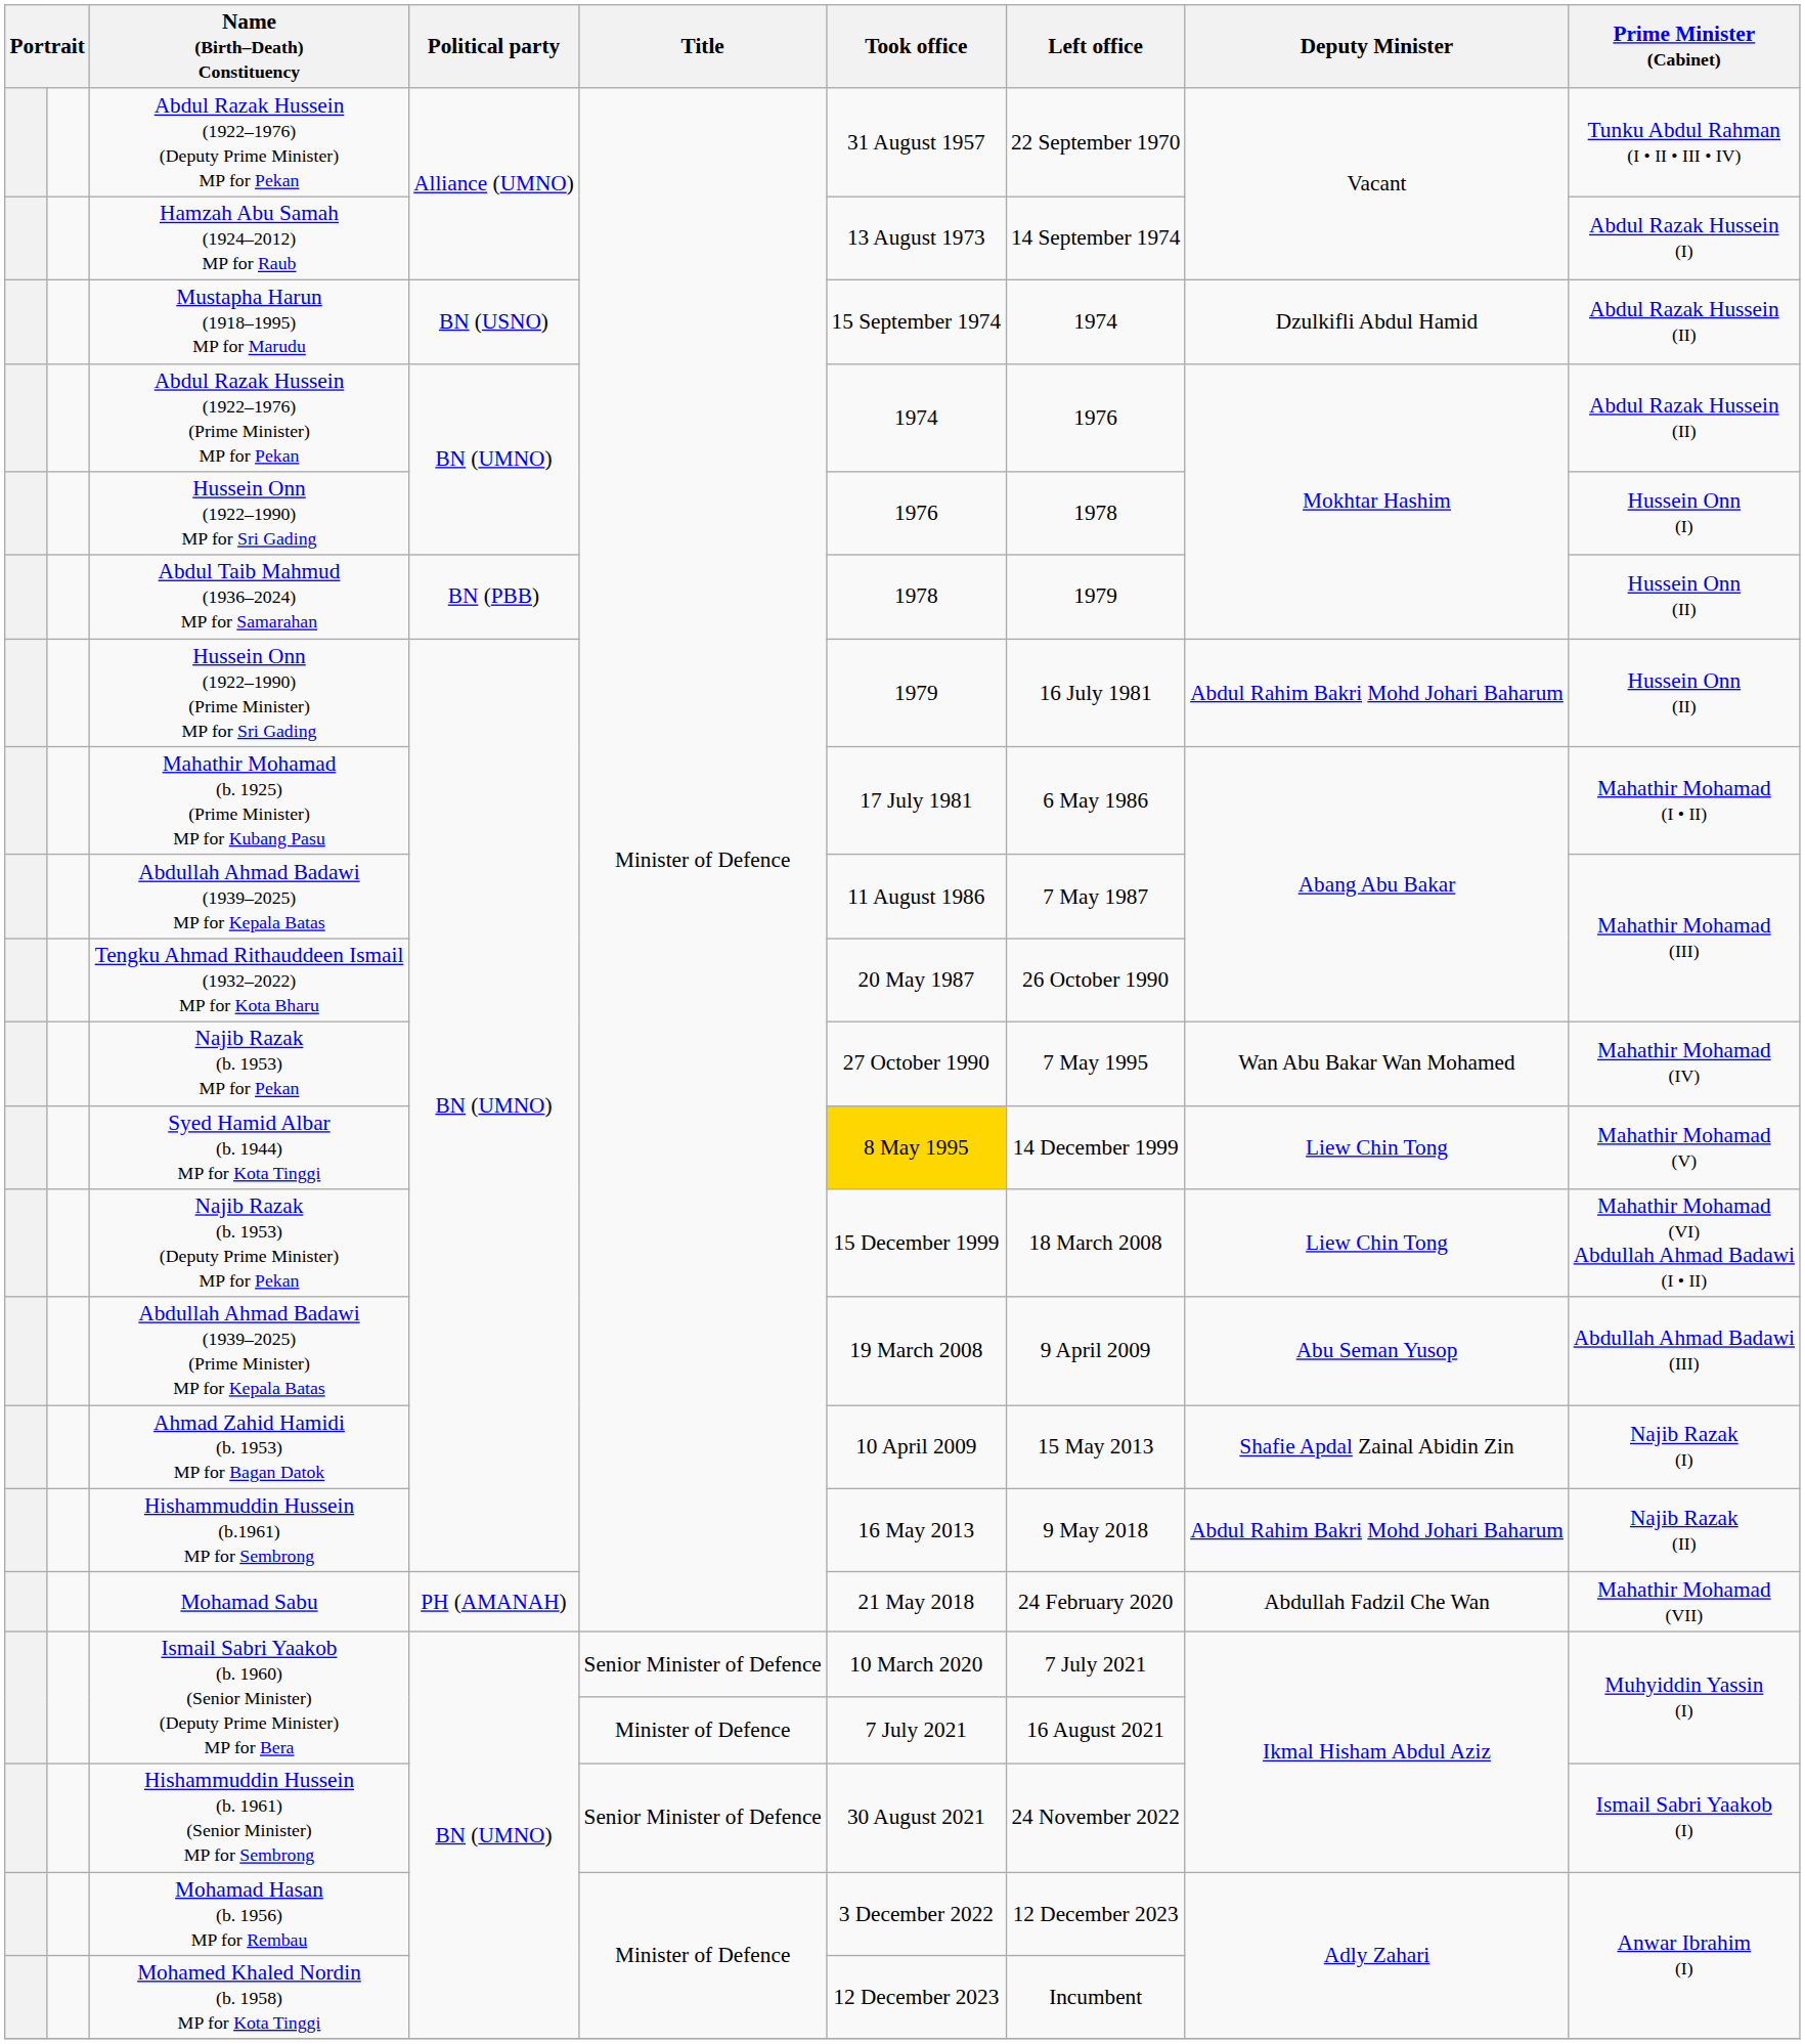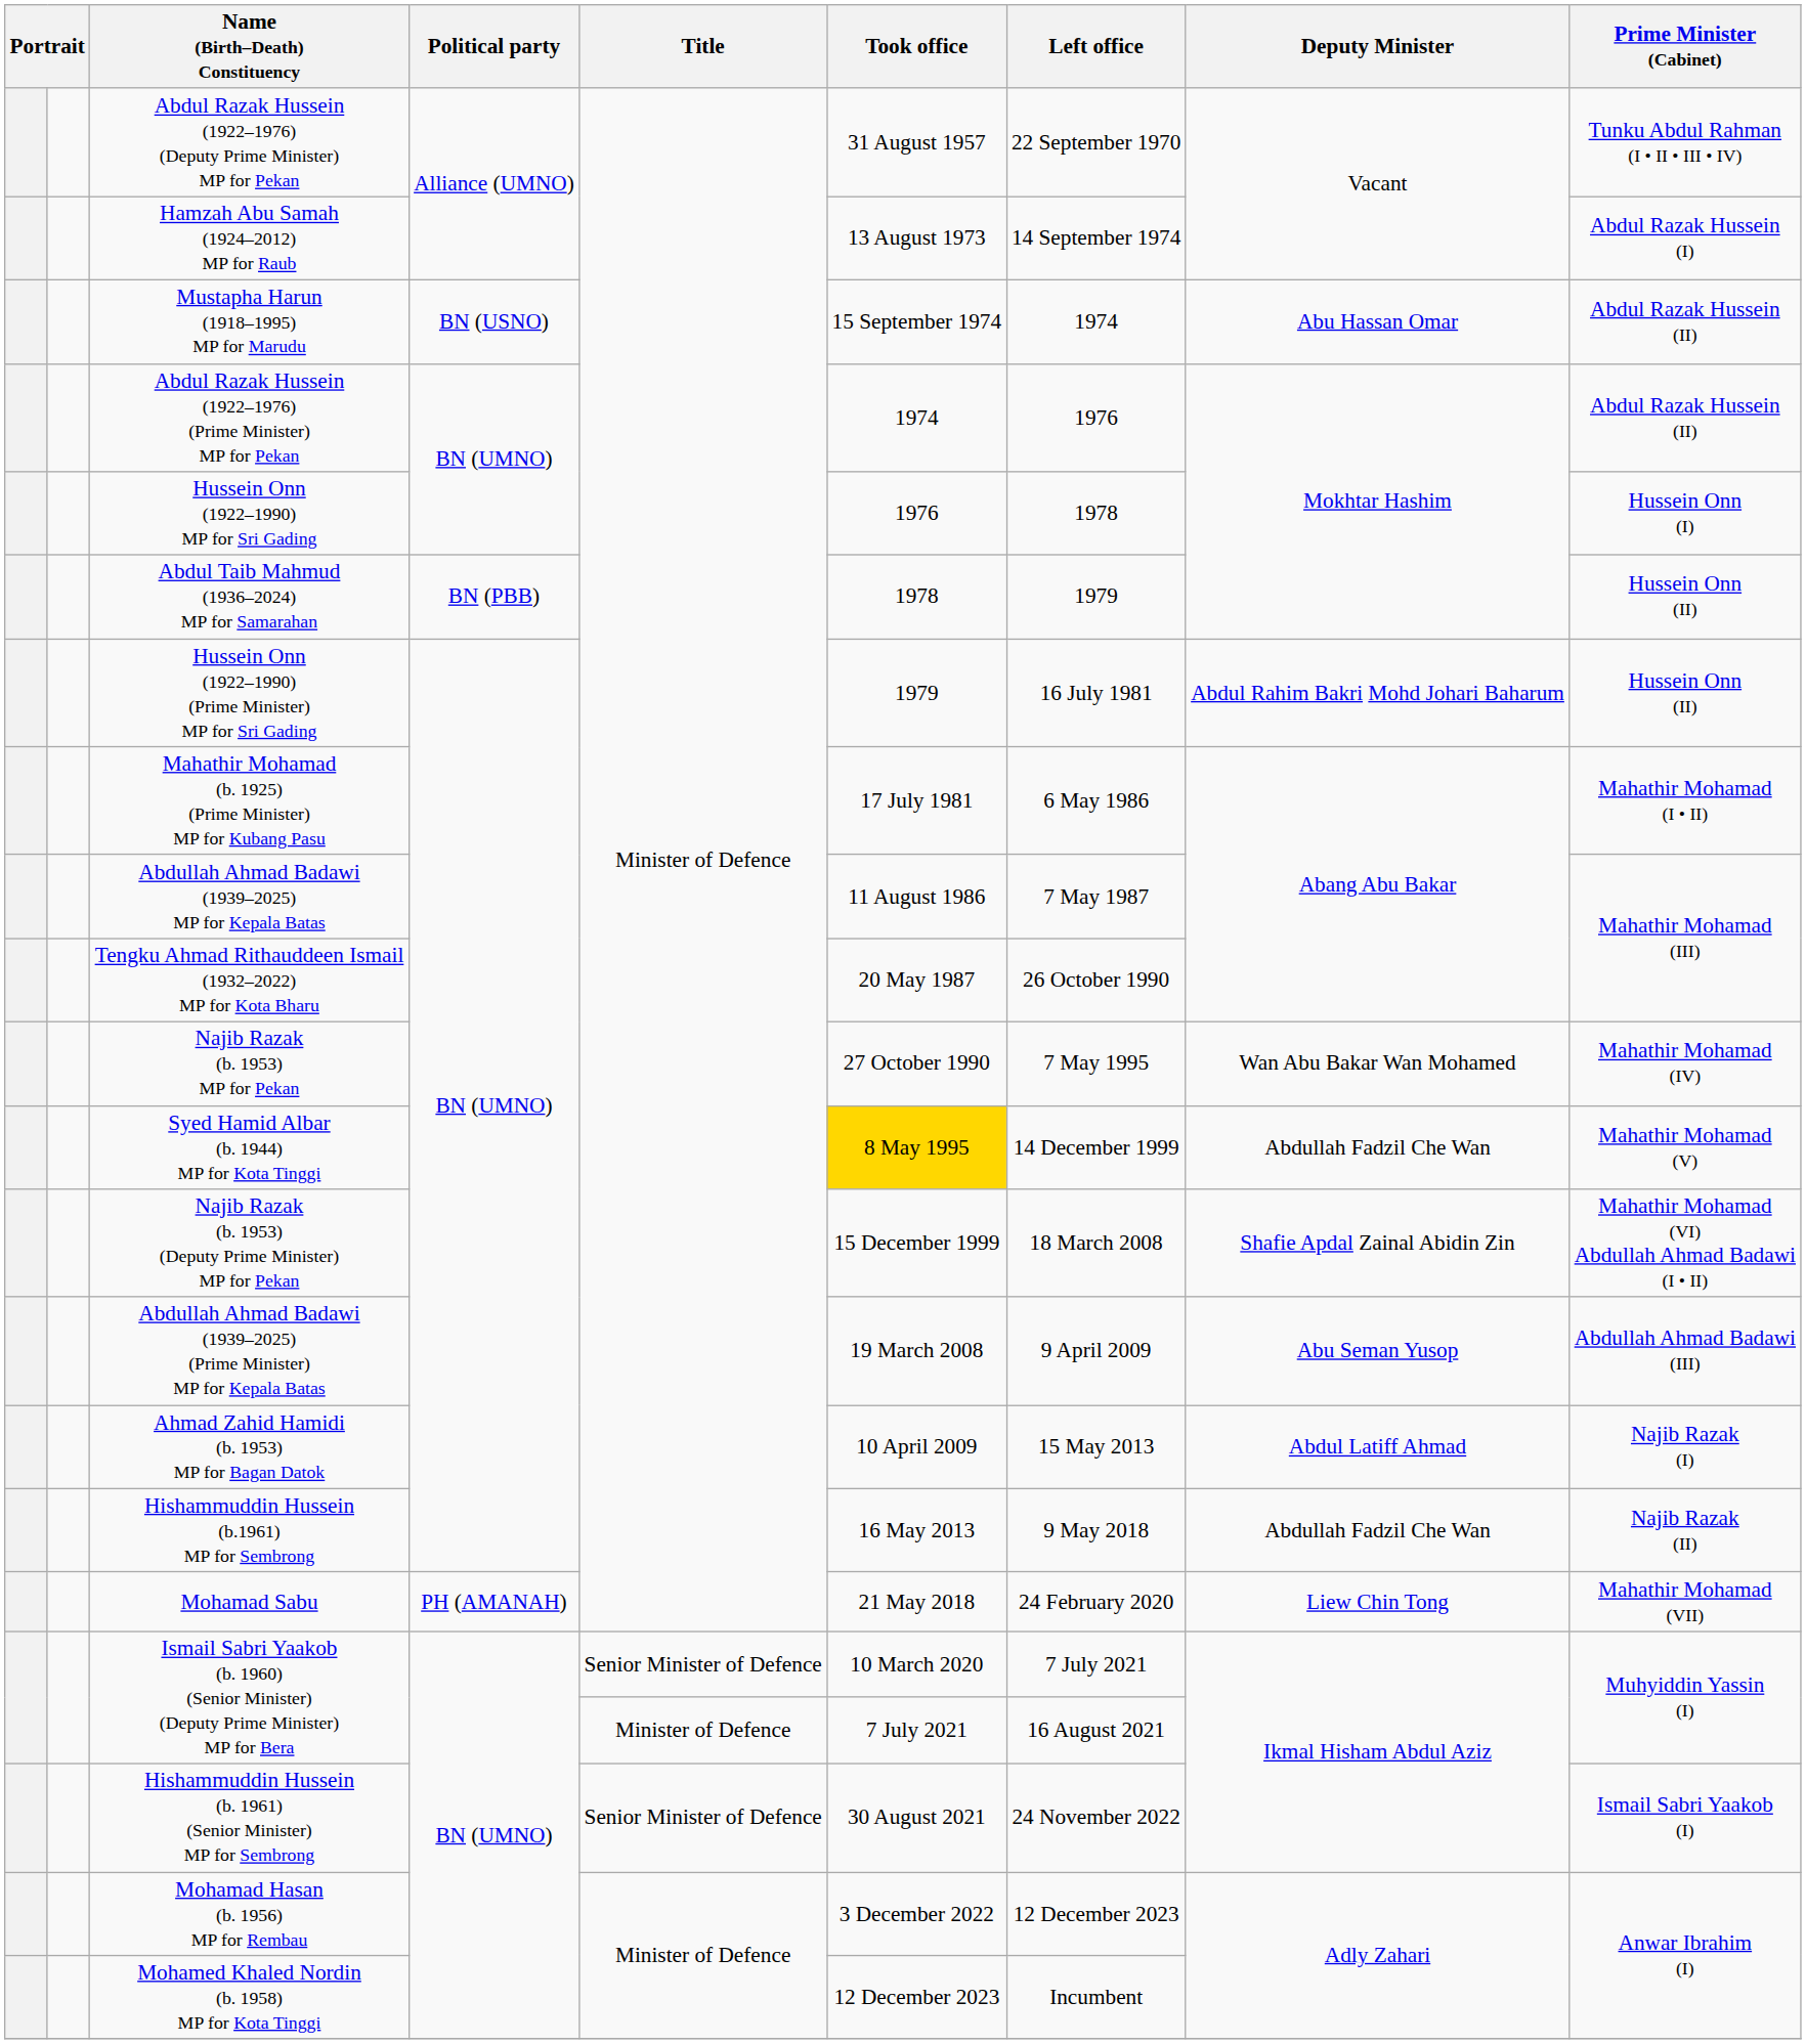 <table class="wikitable" style="text-align:center;">
 <tr>
 <th colspan="2">Portrait</th>
 <th>Name<br><small>(Birth–Death)<br>Constituency</small></th>
 <th>Political party</th>
 <th>Title</th>
 <th>Took office</th>
 <th>Left office</th>
 <th>Deputy Minister</th>
 <th><a href='#'>Prime Minister</a><br><small>(Cabinet)</small></th>
 </tr>
 <tr>
 <th style="background:"></th>
 <td></td>
 <td><a href='#'>Abdul Razak Hussein</a><br><small>(1922–1976)<br>(Deputy Prime Minister) <br>MP for <a href='#'>Pekan</a></small></td>
 <td rowspan=2><a href='#'>Alliance</a> (<a href='#'>UMNO</a>)</td>
 <td rowspan="17">Minister of Defence</td>
 <td>31 August 1957</td>
 <td>22 September 1970</td>
 <td rowspan="2">Vacant</td>
 <td><a href='#'>Tunku Abdul Rahman</a><br><small>(I • II • III • IV)</small></td>
 </tr>
 <tr>
 <th style="background:"></th>
 <td></td>
 <td><a href='#'>Hamzah Abu Samah</a><br><small>(1924–2012)<br>MP for <a href='#'>Raub</a></small></td>
 <td>13 August 1973</td>
 <td>14 September 1974</td>
 <td><a href='#'>Abdul Razak Hussein</a><br><small>(I)</small></td>
 </tr>
 <tr>
 <th style="background:"></th>
 <td></td>
 <td><a href='#'>Mustapha Harun</a><br><small>(1918–1995)<br>MP for <a href='#'>Marudu</a></small></td>
 <td><a href='#'>BN</a> (<a href='#'>USNO</a>)</td>
 <td>15 September 1974</td>
 <td>1974</td>
-<td>Dzulkifli Abdul Hamid</td>
+<td><a href='#'>Abu Hassan Omar</a></td>
 <td><a href='#'>Abdul Razak Hussein</a><br><small>(II)</small></td>
 </tr>
 <tr>
 <th style="background:"></th>
 <td></td>
 <td><a href='#'>Abdul Razak Hussein</a><br><small>(1922–1976)<br>(Prime Minister)<br>MP for <a href='#'>Pekan</a></small></td>
 <td rowspan=2><a href='#'>BN</a> (<a href='#'>UMNO</a>)</td>
 <td>1974</td>
 <td>1976</td>
 <td rowspan="3"><a href='#'>Mokhtar Hashim</a></td>
 <td><a href='#'>Abdul Razak Hussein</a><br><small>(II)</small></td>
 </tr>
 <tr>
 <th style="background:"></th>
 <td></td>
 <td><a href='#'>Hussein Onn</a><br><small>(1922–1990)<br>MP for <a href='#'>Sri Gading</a></small></td>
 <td>1976</td>
 <td>1978</td>
 <td><a href='#'>Hussein Onn</a><br><small>(I)</small></td>
 </tr>
 <tr>
 <th style="background:"></th>
 <td></td>
 <td><a href='#'>Abdul Taib Mahmud</a><br><small>(1936–2024)<br>MP for <a href='#'>Samarahan</a></small></td>
 <td><a href='#'>BN</a> (<a href='#'>PBB</a>)</td>
 <td>1978</td>
 <td>1979</td>
 <td><a href='#'>Hussein Onn</a><br><small>(II)</small></td>
 </tr>
 <tr>
 <th style="background:"></th>
 <td></td>
 <td><a href='#'>Hussein Onn</a><br><small>(1922–1990)<br>(Prime Minister) <br>MP for <a href='#'>Sri Gading</a></small></td>
 <td rowspan=10><a href='#'>BN</a> (<a href='#'>UMNO</a>)</td>
 <td>1979</td>
 <td>16 July 1981</td>
 <td><a href='#'>Abdul Rahim Bakri</a>  <a href='#'>Mohd Johari Baharum</a></td>
 <td><a href='#'>Hussein Onn</a><br><small>(II)</small></td>
 </tr>
 <tr>
 <th style="background:"></th>
 <td></td>
 <td><a href='#'>Mahathir Mohamad</a><br><small>(b. 1925)<br>(Prime Minister)<br>MP for <a href='#'>Kubang Pasu</a></small></td>
 <td>17 July 1981</td>
 <td>6 May 1986</td>
 <td rowspan="3"><a href='#'>Abang Abu Bakar</a></td>
 <td><a href='#'>Mahathir Mohamad</a><br><small>(I • II)</small></td>
 </tr>
 <tr>
 <th style="background:"></th>
 <td></td>
 <td><a href='#'>Abdullah Ahmad Badawi</a><br><small>(1939–2025)<br>MP for <a href='#'>Kepala Batas</a></small></td>
 <td>11 August 1986</td>
 <td>7 May 1987</td>
 <td rowspan="2"><a href='#'>Mahathir Mohamad</a><br><small>(III)</small></td>
 </tr>
 <tr>
 <th style="background:"></th>
 <td></td>
 <td><a href='#'>Tengku Ahmad Rithauddeen Ismail</a><br><small>(1932–2022)<br>MP for <a href='#'>Kota Bharu</a></small></td>
 <td>20 May 1987</td>
 <td>26 October 1990</td>
 </tr>
 <tr>
 <th style="background:"></th>
 <td></td>
 <td><a href='#'>Najib Razak</a><br><small>(b. 1953)<br>MP for <a href='#'>Pekan</a></small></td>
 <td>27 October 1990</td>
 <td>7 May 1995</td>
 <td>Wan Abu Bakar Wan Mohamed</td>
 <td><a href='#'>Mahathir Mohamad</a><br><small>(IV)</small></td>
 </tr>
 <tr>
 <th style="background:"></th>
 <td></td>
 <td><a href='#'>Syed Hamid Albar</a><br><small>(b. 1944)<br>MP for <a href='#'>Kota Tinggi</a></small></td>
 <td style="background: gold;">8 May 1995</td>
 <td>14 December 1999</td>
-<td><a href='#'>Liew Chin Tong</a></td>
+<td>Abdullah Fadzil Che Wan</td>
 <td><a href='#'>Mahathir Mohamad</a><br><small>(V)</small></td>
 </tr>
 <tr>
 <th style="background:"></th>
 <td></td>
 <td><a href='#'>Najib Razak</a><br><small>(b. 1953)<br>(Deputy Prime Minister)<br>MP for <a href='#'>Pekan</a></small></td>
 <td>15 December 1999</td>
 <td>18 March 2008</td>
-<td><a href='#'>Liew Chin Tong</a></td>
+<td><a href='#'>Shafie Apdal</a>  Zainal Abidin Zin </td>
 <td><a href='#'>Mahathir Mohamad</a><br><small>(VI)</small><br><a href='#'>Abdullah Ahmad Badawi</a><br><small>(I • II)</small></td>
 </tr>
 <tr>
 <th style="background:"></th>
 <td></td>
 <td><a href='#'>Abdullah Ahmad Badawi</a><br><small>(1939–2025)<br>(Prime Minister) <br>MP for <a href='#'>Kepala Batas</a></small></td>
 <td>19 March 2008</td>
 <td>9 April 2009</td>
 <td><a href='#'>Abu Seman Yusop</a></td>
 <td><a href='#'>Abdullah Ahmad Badawi</a><br><small>(III)</small></td>
 </tr>
 <tr>
 <th style="background:"></th>
 <td></td>
 <td><a href='#'>Ahmad Zahid Hamidi</a><br><small>(b. 1953)<br>MP for <a href='#'>Bagan Datok</a></small></td>
 <td>10 April 2009</td>
 <td>15 May 2013</td>
-<td><a href='#'>Shafie Apdal</a>  Zainal Abidin Zin </td>
+<td><a href='#'>Abdul Latiff Ahmad</a></td>
 <td><a href='#'>Najib Razak</a><br><small>(I)</small></td>
 </tr>
 <tr>
 <th style="background:"></th>
 <td></td>
 <td><a href='#'>Hishammuddin Hussein</a><br><small>(b.1961)<br>MP for <a href='#'>Sembrong</a></small></td>
 <td>16 May 2013</td>
 <td>9 May 2018</td>
-<td><a href='#'>Abdul Rahim Bakri</a>  <a href='#'>Mohd Johari Baharum</a></td>
+<td>Abdullah Fadzil Che Wan</td>
 <td><a href='#'>Najib Razak</a><br><small>(II)</small></td>
 </tr>
 <tr>
 <th style="background:"></th>
 <td></td>
 <td><a href='#'>Mohamad Sabu</a><br></td>
 <td><a href='#'>PH</a> (<a href='#'>AMANAH</a>)</td>
 <td>21 May 2018</td>
 <td>24 February 2020</td>
-<td>Abdullah Fadzil Che Wan</td>
+<td><a href='#'>Liew Chin Tong</a></td>
 <td><a href='#'>Mahathir Mohamad</a><br><small>(VII)</small></td>
 </tr>
 <tr>
 <th rowspan="2" style="background:"></th>
 <td rowspan="2"></td>
 <td rowspan="2"><a href='#'>Ismail Sabri Yaakob</a><br><small>(b. 1960)</small><small><br>(Senior Minister) <br>(Deputy Prime Minister) <br>MP for <a href='#'>Bera</a></small></td>
 <td rowspan="5"><a href='#'>BN</a> (<a href='#'>UMNO</a>)</td>
 <td>Senior Minister of Defence</td>
 <td>10 March 2020</td>
 <td>7 July 2021</td>
 <td rowspan="3"><a href='#'>Ikmal Hisham Abdul Aziz</a></td>
 <td rowspan="2"><a href='#'>Muhyiddin Yassin</a><br><small>(I)</small></td>
 </tr>
 <tr>
 <td>Minister of Defence</td>
 <td>7 July 2021</td>
 <td>16 August 2021</td>
 </tr>
 <tr>
 <th style="background:"></th>
 <td></td>
 <td><a href='#'>Hishammuddin Hussein</a><br><small>(b. 1961)</small><br><small>(Senior Minister)</small><small><br>MP for <a href='#'>Sembrong</a></small></td>
 <td>Senior Minister of Defence</td>
 <td>30 August 2021</td>
 <td>24 November 2022</td>
 <td><a href='#'>Ismail Sabri Yaakob</a><br><small>(I)</small></td>
 </tr>
 <tr>
 <th style="background:"></th>
 <td></td>
 <td><a href='#'>Mohamad Hasan</a><br><small>(b. 1956)<br>MP for <a href='#'>Rembau</a></small></td>
 <td rowspan="2">Minister of Defence</td>
 <td>3 December 2022</td>
 <td>12 December 2023</td>
 <td rowspan="2"><a href='#'>Adly Zahari</a></td>
 <td rowspan=2><a href='#'>Anwar Ibrahim</a><br><small>(I)</small></td>
 </tr>
 <tr>
 <th style="background:"></th>
 <td></td>
 <td><a href='#'>Mohamed Khaled Nordin</a><br><small>(b. 1958)<br>MP for <a href='#'>Kota Tinggi</a></small></td>
 <td>12 December 2023</td>
 <td>Incumbent</td>
 </tr>
 <tr>
 </tr>
 </table>
